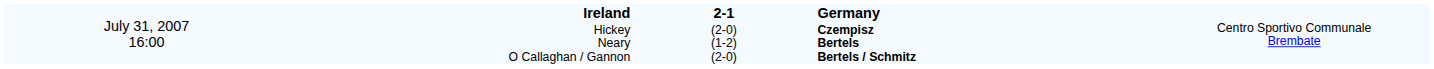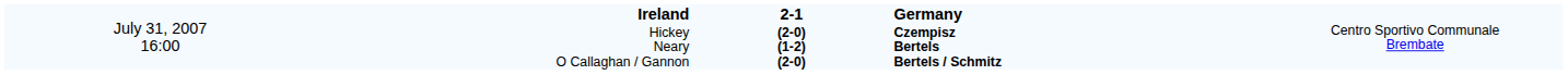 <table style="width: 100%; background:#F5FAFF;" cellspacing="0">
 <tr>
 <td align=center rowspan=3 width=20%>July 31, 2007<br>16:00</td>
 </tr>
 <tr>
 <td width=24% align=right><strong>Ireland</strong></td>
 <td align=center width=13%><strong>2-1</strong></td>
 <td width=24%><strong>Germany</strong></td>
 <td style=font-size:85% rowspan=3 valign=middle align=center>Centro Sportivo Communale<br><a href='#'>Brembate</a></td>
 </tr>
 <tr style=font-size:85%>
 <td align=right valign=top>Hickey<br>Neary<br>O Callaghan / Gannon</td>
-<td align=center>(2-0)<br>(1-2)<br>(2-0)</td>
+<td align=center><strong>(2-0)<br>(1-2)<br>(2-0)</strong></td>
 <td><strong>Czempisz<br>Bertels<br>Bertels / Schmitz</strong></td>
 </tr>
 </table>
